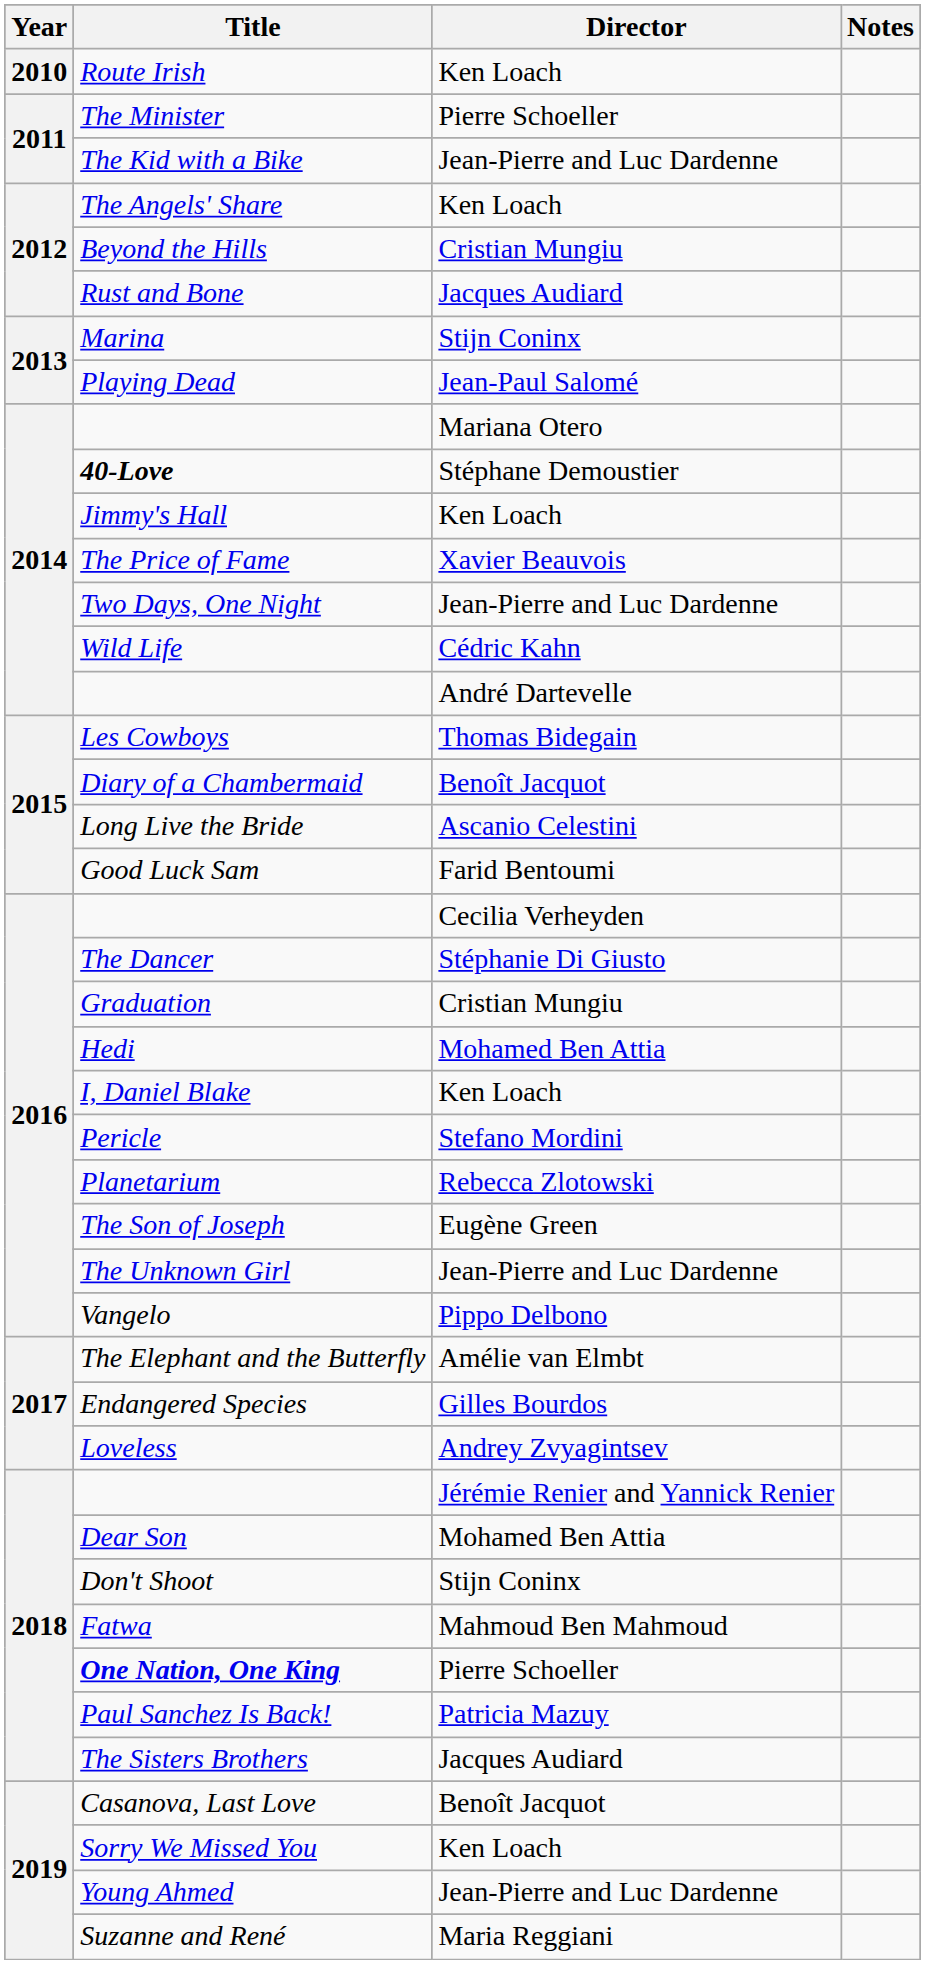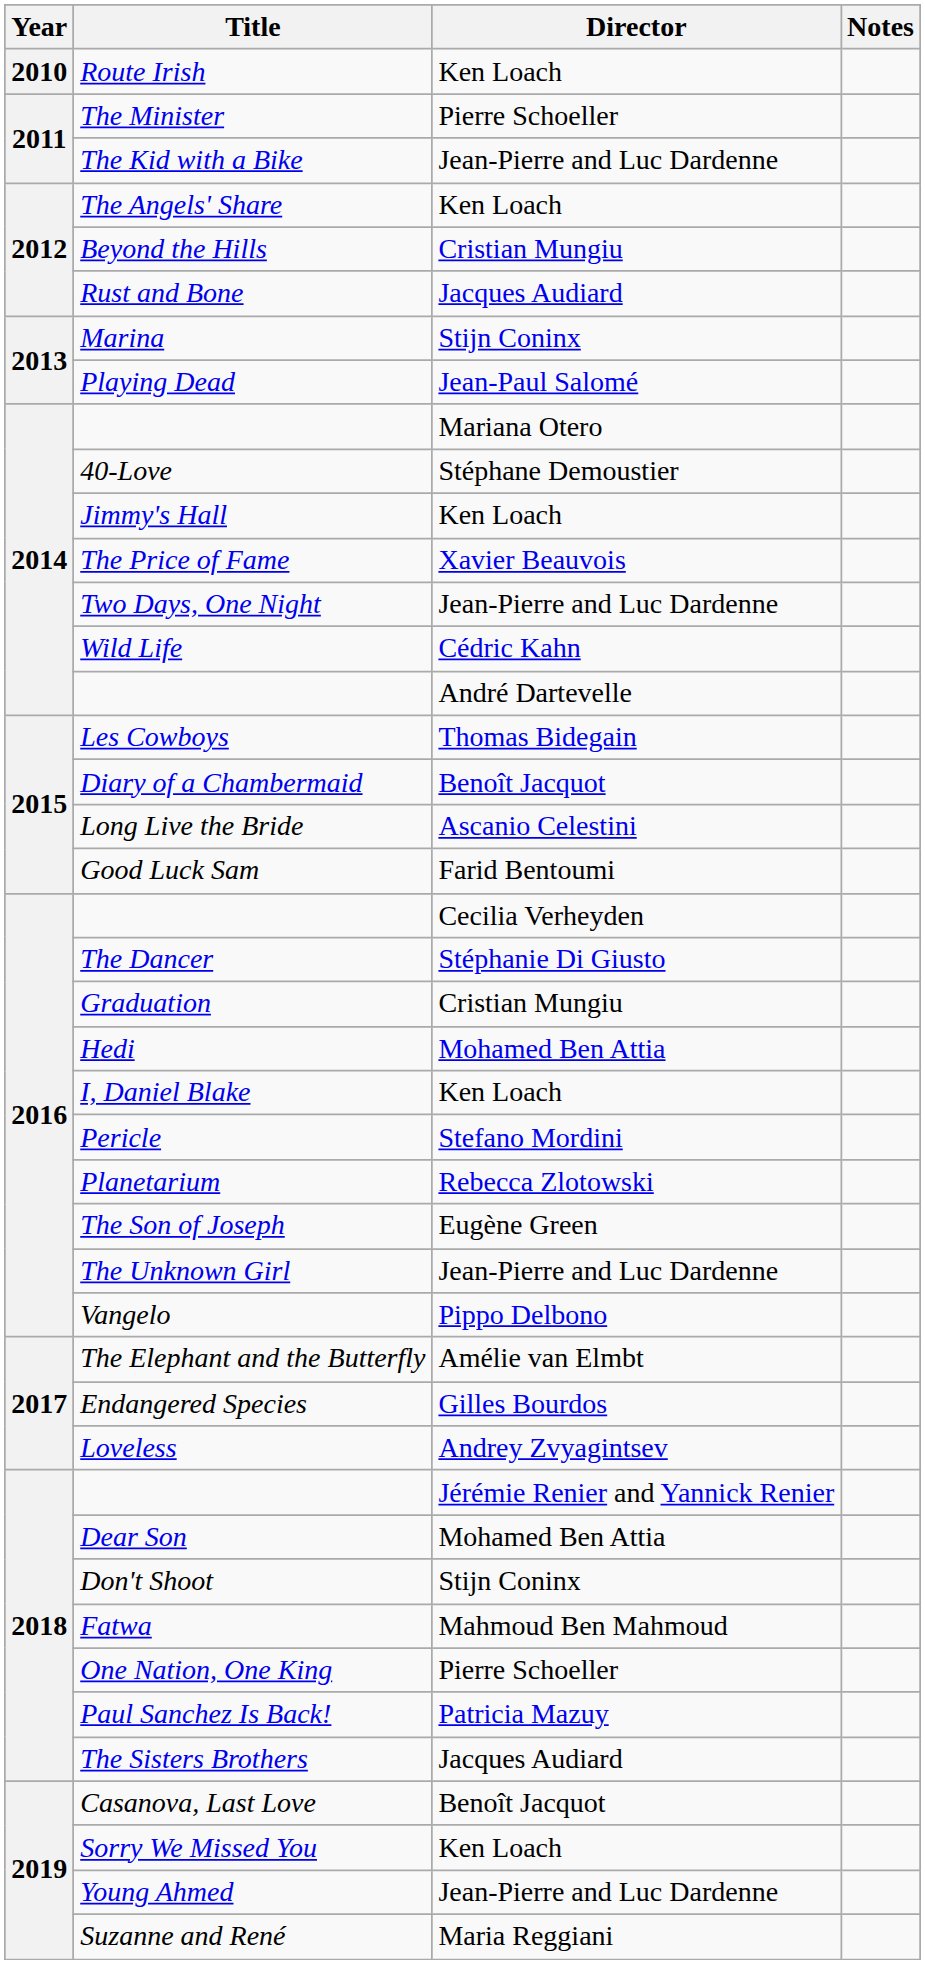 <table class="wikitable plainrowheaders">
 <tr>
 <th>Year</th>
 <th>Title</th>
 <th>Director</th>
 <th>Notes</th>
 </tr>
 <tr>
 <th>2010</th>
 <td><em><a href='#'>Route Irish</a></em></td>
 <td>Ken Loach</td>
 <td></td>
 </tr>
 <tr>
 <th rowspan="2">2011</th>
 <td><em><a href='#'>The Minister</a></em></td>
 <td>Pierre Schoeller</td>
 <td></td>
 </tr>
 <tr>
 <td><em><a href='#'>The Kid with a Bike</a></em></td>
 <td>Jean-Pierre and Luc Dardenne</td>
 <td></td>
 </tr>
 <tr>
 <th rowspan="3">2012</th>
 <td><em><a href='#'>The Angels' Share</a></em></td>
 <td>Ken Loach</td>
 <td></td>
 </tr>
 <tr>
 <td><em><a href='#'>Beyond the Hills</a></em></td>
 <td><a href='#'>Cristian Mungiu</a></td>
 <td></td>
 </tr>
 <tr>
 <td><em><a href='#'>Rust and Bone</a></em></td>
 <td><a href='#'>Jacques Audiard</a></td>
 <td></td>
 </tr>
 <tr>
 <th rowspan="2">2013</th>
 <td><em><a href='#'>Marina</a></em></td>
 <td><a href='#'>Stijn Coninx</a></td>
 <td></td>
 </tr>
 <tr>
 <td><em><a href='#'>Playing Dead</a></em></td>
 <td><a href='#'>Jean-Paul Salomé</a></td>
 <td></td>
 </tr>
 <tr>
 <th rowspan="7">2014</th>
 <td></td>
 <td>Mariana Otero</td>
 <td></td>
 </tr>
 <tr>
-<td><strong><em>40-Love</em></strong></td>
+<td><em>40-Love</em></td>
 <td>Stéphane Demoustier</td>
 <td></td>
 </tr>
 <tr>
 <td><em><a href='#'>Jimmy's Hall</a></em></td>
 <td>Ken Loach</td>
 <td></td>
 </tr>
 <tr>
 <td><em><a href='#'>The Price of Fame</a></em></td>
 <td><a href='#'>Xavier Beauvois</a></td>
 <td></td>
 </tr>
 <tr>
 <td><em><a href='#'>Two Days, One Night</a></em></td>
 <td>Jean-Pierre and Luc Dardenne</td>
 <td></td>
 </tr>
 <tr>
 <td><em><a href='#'>Wild Life</a></em></td>
 <td><a href='#'>Cédric Kahn</a></td>
 <td></td>
 </tr>
 <tr>
 <td></td>
 <td>André Dartevelle</td>
 <td></td>
 </tr>
 <tr>
 <th rowspan="4">2015</th>
 <td><em><a href='#'>Les Cowboys</a></em></td>
 <td><a href='#'>Thomas Bidegain</a></td>
 <td></td>
 </tr>
 <tr>
 <td><em><a href='#'>Diary of a Chambermaid</a></em></td>
 <td><a href='#'>Benoît Jacquot</a></td>
 <td></td>
 </tr>
 <tr>
 <td><em>Long Live the Bride</em></td>
 <td><a href='#'>Ascanio Celestini</a></td>
 <td></td>
 </tr>
 <tr>
 <td><em>Good Luck Sam</em></td>
 <td>Farid Bentoumi</td>
 <td></td>
 </tr>
 <tr>
 <th rowspan="10">2016</th>
 <td></td>
 <td>Cecilia Verheyden</td>
 <td></td>
 </tr>
 <tr>
 <td><em><a href='#'>The Dancer</a></em></td>
 <td><a href='#'>Stéphanie Di Giusto</a></td>
 <td></td>
 </tr>
 <tr>
 <td><em><a href='#'>Graduation</a></em></td>
 <td>Cristian Mungiu</td>
 <td></td>
 </tr>
 <tr>
 <td><em><a href='#'>Hedi</a></em></td>
 <td><a href='#'>Mohamed Ben Attia</a></td>
 <td></td>
 </tr>
 <tr>
 <td><em><a href='#'>I, Daniel Blake</a></em></td>
 <td>Ken Loach</td>
 <td></td>
 </tr>
 <tr>
 <td><em><a href='#'>Pericle</a></em></td>
 <td><a href='#'>Stefano Mordini</a></td>
 <td></td>
 </tr>
 <tr>
 <td><em><a href='#'>Planetarium</a></em></td>
 <td><a href='#'>Rebecca Zlotowski</a></td>
 <td></td>
 </tr>
 <tr>
 <td><em><a href='#'>The Son of Joseph</a></em></td>
 <td>Eugène Green</td>
 <td></td>
 </tr>
 <tr>
 <td><em><a href='#'>The Unknown Girl</a></em></td>
 <td>Jean-Pierre and Luc Dardenne</td>
 <td></td>
 </tr>
 <tr>
 <td><em>Vangelo</em></td>
 <td><a href='#'>Pippo Delbono</a></td>
 <td></td>
 </tr>
 <tr>
 <th rowspan="3">2017</th>
 <td><em>The Elephant and the Butterfly</em></td>
 <td>Amélie van Elmbt</td>
 <td></td>
 </tr>
 <tr>
 <td><em>Endangered Species</em></td>
 <td><a href='#'>Gilles Bourdos</a></td>
 <td></td>
 </tr>
 <tr>
 <td><em><a href='#'>Loveless</a></em></td>
 <td><a href='#'>Andrey Zvyagintsev</a></td>
 <td></td>
 </tr>
 <tr>
 <th rowspan="7">2018</th>
 <td></td>
 <td><a href='#'>Jérémie Renier</a> and <a href='#'>Yannick Renier</a></td>
 <td></td>
 </tr>
 <tr>
 <td><em><a href='#'>Dear Son</a></em></td>
 <td>Mohamed Ben Attia</td>
 <td></td>
 </tr>
 <tr>
 <td><em>Don't Shoot</em></td>
 <td>Stijn Coninx</td>
 <td></td>
 </tr>
 <tr>
 <td><em><a href='#'>Fatwa</a></em></td>
 <td>Mahmoud Ben Mahmoud</td>
 <td></td>
 </tr>
 <tr>
-<td><strong><em><a href='#'>One Nation, One King</a></em></strong></td>
+<td><em><a href='#'>One Nation, One King</a></em></td>
 <td>Pierre Schoeller</td>
 <td></td>
 </tr>
 <tr>
 <td><em><a href='#'>Paul Sanchez Is Back!</a></em></td>
 <td><a href='#'>Patricia Mazuy</a></td>
 <td></td>
 </tr>
 <tr>
 <td><em><a href='#'>The Sisters Brothers</a></em></td>
 <td>Jacques Audiard</td>
 <td></td>
 </tr>
 <tr>
 <th rowspan="4">2019</th>
 <td><em>Casanova, Last Love</em></td>
 <td>Benoît Jacquot</td>
 <td></td>
 </tr>
 <tr>
 <td><em><a href='#'>Sorry We Missed You</a></em></td>
 <td>Ken Loach</td>
 <td></td>
 </tr>
 <tr>
 <td><em><a href='#'>Young Ahmed</a></em></td>
 <td>Jean-Pierre and Luc Dardenne</td>
 <td></td>
 </tr>
 <tr>
 <td><em>Suzanne and René</em></td>
 <td>Maria Reggiani</td>
 <td></td>
 </tr>
 </table>
